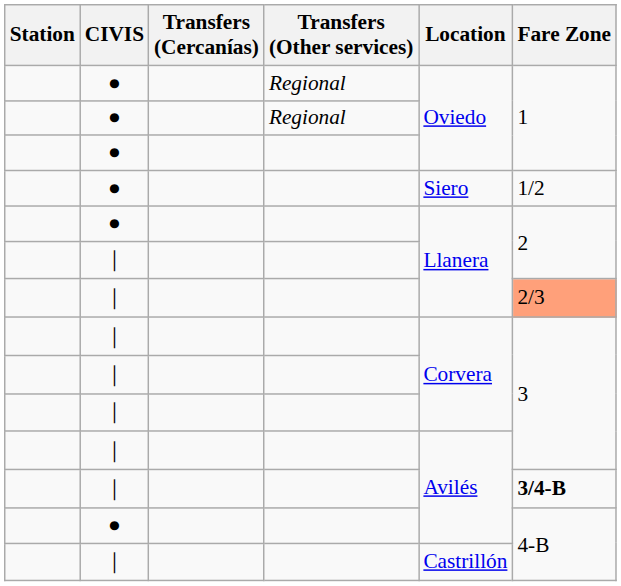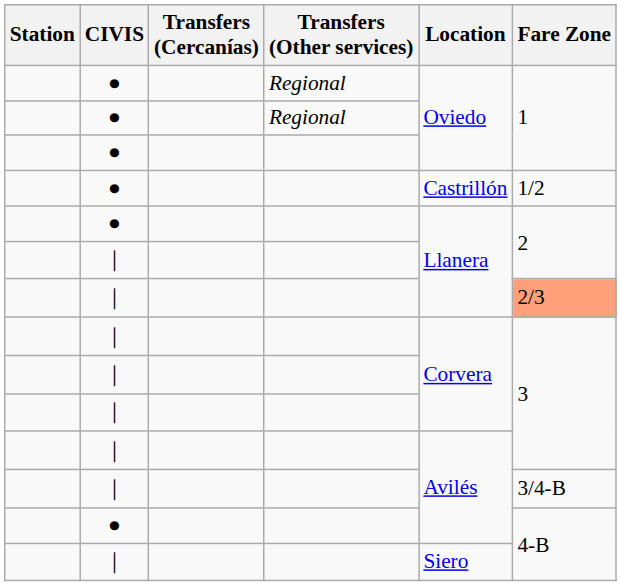 <table class="wikitable" style="font-size:90%">
 <tr>
 <th>Station</th>
 <th>CIVIS</th>
 <th><strong>Transfers</strong><br>(Cercanías)</th>
 <th>Transfers<br>(Other services)</th>
 <th>Location</th>
 <th>Fare Zone</th>
 </tr>
 <tr>
 <td></td>
 <td align="center">●</td>
 <td align="center"></td>
 <td><em>Regional</em></td>
 <td rowspan="3"><a href='#'>Oviedo</a></td>
 <td rowspan="3">1</td>
 </tr>
 <tr>
 <td></td>
 <td align="center">●</td>
 <td align="center"></td>
 <td>    <em>Regional</em></td>
 </tr>
 <tr>
 <td></td>
 <td align="center">●</td>
 <td align="center"></td>
 <td></td>
 </tr>
 <tr>
 <td></td>
 <td align="center">●</td>
 <td align="center"></td>
 <td></td>
-<td><a href='#'>Siero</a></td>
+<td><a href='#'>Castrillón</a></td>
 <td>1/2</td>
 </tr>
 <tr>
 <td></td>
 <td align="center">●</td>
 <td align="center"></td>
 <td></td>
 <td rowspan="3"><a href='#'>Llanera</a></td>
 <td rowspan="2">2</td>
 </tr>
 <tr>
 <td></td>
 <td align="center">｜</td>
 <td align="center"></td>
 <td></td>
 </tr>
 <tr>
 <td></td>
 <td align="center">｜</td>
 <td align="center"></td>
 <td></td>
 <td style="background: lightsalmon;">2/3</td>
 </tr>
 <tr>
 <td></td>
 <td align="center">｜</td>
 <td align="center"></td>
 <td align="center"></td>
 <td rowspan="3"><a href='#'>Corvera</a></td>
 <td rowspan="4">3</td>
 </tr>
 <tr>
 <td></td>
 <td align="center">｜</td>
 <td></td>
 <td></td>
 </tr>
 <tr>
 <td></td>
 <td align="center">｜</td>
 <td></td>
 <td></td>
 </tr>
 <tr>
 <td></td>
 <td align="center">｜</td>
 <td></td>
 <td></td>
 <td rowspan="3"><a href='#'>Avilés</a></td>
 </tr>
 <tr>
 <td></td>
 <td align="center">｜</td>
 <td></td>
 <td align="center"></td>
-<td><strong>3/4-B</strong></td>
+<td>3/4-B</td>
 </tr>
 <tr>
 <td></td>
 <td align="center">●</td>
 <td align="center"></td>
 <td></td>
 <td rowspan="2">4-B</td>
 </tr>
 <tr>
 <td></td>
 <td align="center">｜</td>
 <td></td>
 <td></td>
-<td><a href='#'>Castrillón</a></td>
+<td><a href='#'>Siero</a></td>
 </tr>
 </table>
